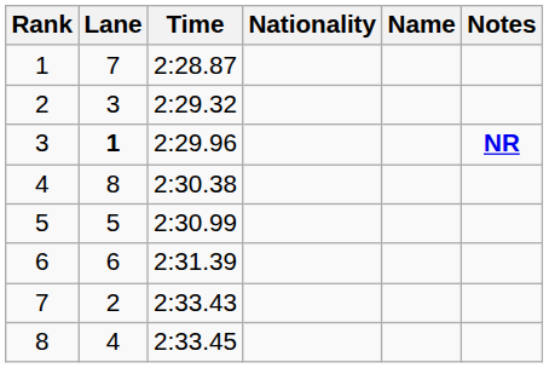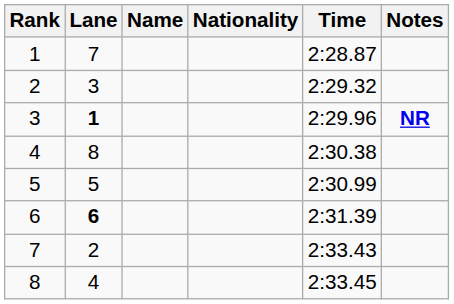 <table class="wikitable sortable" style="text-align:center">
 <tr>
 <th>Rank</th>
 <th>Lane</th>
+<th>Name</th>
+<th>Nationality</th>
 <th>Time</th>
-<th>Nationality</th>
-<th>Name</th>
 <th>Notes</th>
 </tr>
 <tr>
 <td>1</td>
 <td>7</td>
-<td>2:28.87</td>
 <td align="left"></td>
 <td align="left"></td>
+<td>2:28.87</td>
 <td></td>
 </tr>
 <tr>
 <td>2</td>
 <td>3</td>
-<td>2:29.32</td>
 <td align="left"></td>
 <td align="left"></td>
+<td>2:29.32</td>
 <td></td>
 </tr>
 <tr>
 <td>3</td>
 <td><strong>1</strong></td>
-<td>2:29.96</td>
 <td align="left"></td>
 <td align="left"></td>
+<td>2:29.96</td>
 <td><strong><a href='#'>NR</a></strong></td>
 </tr>
 <tr>
 <td>4</td>
 <td>8</td>
-<td>2:30.38</td>
 <td align="left"></td>
 <td align="left"></td>
+<td>2:30.38</td>
 <td></td>
 </tr>
 <tr>
 <td>5</td>
 <td>5</td>
-<td>2:30.99</td>
 <td align="left"></td>
 <td align="left"></td>
+<td>2:30.99</td>
 <td></td>
 </tr>
 <tr>
 <td>6</td>
-<td>6</td>
-<td>2:31.39</td>
+<td><strong>6</strong></td>
 <td align="left"></td>
 <td align="left"></td>
+<td>2:31.39</td>
 <td></td>
 </tr>
 <tr>
 <td>7</td>
 <td>2</td>
-<td>2:33.43</td>
 <td align="left"></td>
 <td align="left"></td>
+<td>2:33.43</td>
 <td></td>
 </tr>
 <tr>
 <td>8</td>
 <td>4</td>
-<td>2:33.45</td>
 <td align="left"></td>
 <td align="left"></td>
+<td>2:33.45</td>
 <td></td>
 </tr>
 </table>
